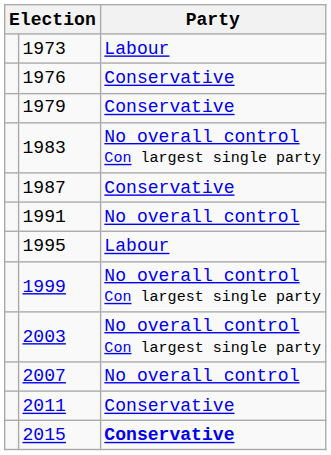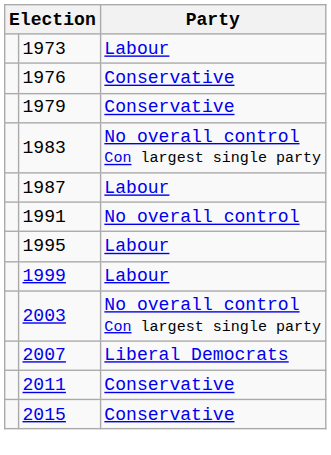 <table class="wikitable">
 <tr>
 <th colspan="2">Election</th>
 <th>Party</th>
 </tr>
 <tr>
 <td style="background-color: "></td>
 <td>1973</td>
 <td><a href='#'>Labour</a></td>
 </tr>
 <tr>
 <td style="background-color: "></td>
 <td>1976</td>
 <td><a href='#'>Conservative</a></td>
 </tr>
 <tr>
 <td style="background-color: "></td>
 <td>1979</td>
 <td><a href='#'>Conservative</a></td>
 </tr>
 <tr>
 <td style="background-color: "></td>
 <td>1983</td>
 <td><a href='#'>No overall control</a><br><small><a href='#'>Con</a> largest single party</small></td>
 </tr>
 <tr>
 <td style="background-color: "></td>
 <td>1987</td>
-<td><a href='#'>Conservative</a></td>
+<td><a href='#'>Labour</a></td>
 </tr>
 <tr>
 <td style="background-color: "></td>
 <td>1991</td>
 <td><a href='#'>No overall control</a></td>
 </tr>
 <tr>
 <td style="background-color: "></td>
 <td>1995</td>
 <td><a href='#'>Labour</a></td>
 </tr>
 <tr>
 <td style="background-color: "></td>
 <td><a href='#'>1999</a></td>
-<td><a href='#'>No overall control</a><br><small><a href='#'>Con</a> largest single party</small></td>
+<td><a href='#'>Labour</a></td>
 </tr>
 <tr>
 <td style="background-color: "></td>
 <td><a href='#'>2003</a></td>
 <td><a href='#'>No overall control</a><br><small><a href='#'>Con</a> largest single party</small></td>
 </tr>
 <tr>
 <td style="background-color: "></td>
 <td><a href='#'>2007</a></td>
-<td><a href='#'>No overall control</a></td>
+<td><a href='#'>Liberal Democrats</a></td>
 </tr>
 <tr>
 <td style="background-color: "></td>
 <td><a href='#'>2011</a></td>
 <td><a href='#'>Conservative</a></td>
 </tr>
 <tr>
 <td style="background-color: "></td>
 <td><a href='#'>2015</a></td>
-<td><strong><a href='#'>Conservative</a></strong></td>
+<td><a href='#'>Conservative</a></td>
 </tr>
 </table>
